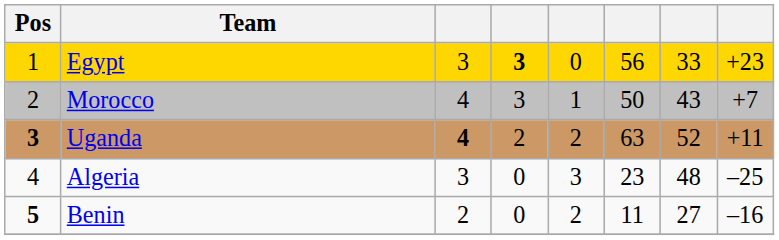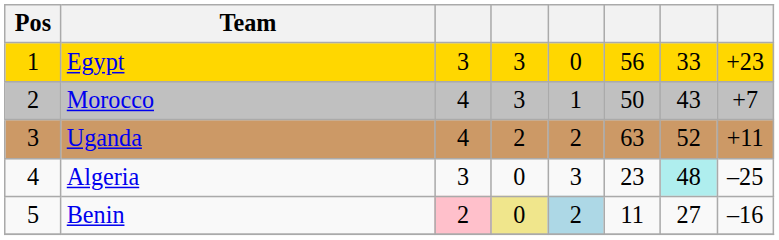 <table class="wikitable" style="text-align:center">
 <tr>
 <th width=30>Pos</th>
 <th ! width=240>Team</th>
 <th ! width=30></th>
 <th ! width=30></th>
 <th ! width=30></th>
 <th ! width=30></th>
 <th ! width=30></th>
 <th ! width=30></th>
 </tr>
 <tr bgcolor=gold>
 <td>1</td>
 <td align=left> <a href='#'>Egypt</a></td>
 <td>3</td>
-<td><strong>3</strong></td>
+<td>3</td>
 <td>0</td>
 <td>56</td>
 <td>33</td>
 <td>+23</td>
 </tr>
 <tr bgcolor=silver>
 <td>2</td>
 <td align=left> <a href='#'>Morocco</a></td>
 <td>4</td>
 <td>3</td>
 <td>1</td>
 <td>50</td>
 <td>43</td>
 <td>+7</td>
 </tr>
 <tr bgcolor=cc9966>
-<td><strong>3</strong></td>
+<td>3</td>
 <td align=left> <a href='#'>Uganda</a></td>
-<td><strong>4</strong></td>
+<td>4</td>
 <td>2</td>
 <td>2</td>
 <td>63</td>
 <td>52</td>
 <td>+11</td>
 </tr>
 <tr>
 <td>4</td>
 <td align=left> <a href='#'>Algeria</a></td>
 <td>3</td>
 <td>0</td>
 <td>3</td>
 <td>23</td>
-<td>48</td>
+<td style="background: paleturquoise;">48</td>
 <td>–25</td>
 </tr>
 <tr>
-<td><strong>5</strong></td>
+<td>5</td>
 <td align=left> <a href='#'>Benin</a></td>
-<td>2</td>
-<td>0</td>
-<td>2</td>
+<td style="background: pink;">2</td>
+<td style="background: khaki;">0</td>
+<td style="background: lightblue;">2</td>
 <td>11</td>
 <td>27</td>
 <td>–16</td>
 </tr>
 <tr>
 </tr>
 </table>
